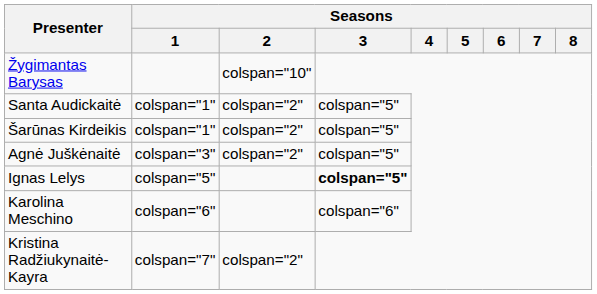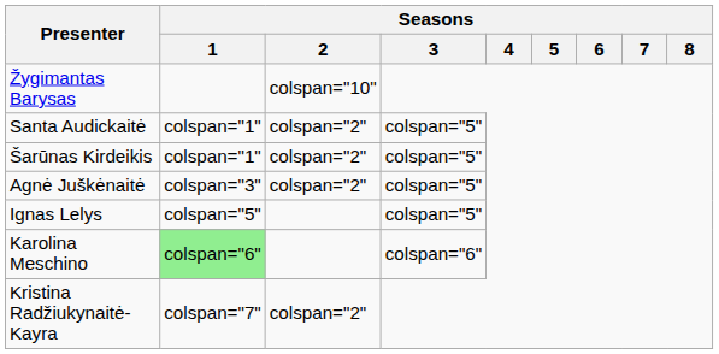 <table class="wikitable" width="70%">
 <tr>
 <th rowspan="2" width="135">Presenter</th>
 <th colspan="10">Seasons</th>
 </tr>
 <tr>
 <th width="40">1</th>
 <th width="40">2</th>
 <th width="40">3</th>
 <th width="40">4</th>
 <th width="40">5</th>
 <th width="40">6</th>
 <th width="40">7</th>
 <th width="40">8</th>
 </tr>
 <tr>
 <td><a href='#'>Žygimantas Barysas</a></td>
 <td></td>
 <td>colspan="10" </td>
 </tr>
 <tr>
 <td>Santa Audickaitė</td>
 <td>colspan="1" </td>
 <td>colspan="2" </td>
 <td>colspan="5" </td>
 </tr>
 <tr>
 <td>Šarūnas Kirdeikis</td>
 <td>colspan="1" </td>
 <td>colspan="2" </td>
 <td>colspan="5" </td>
 </tr>
 <tr>
 <td>Agnė Juškėnaitė</td>
 <td>colspan="3" </td>
 <td>colspan="2" </td>
 <td>colspan="5" </td>
 </tr>
 <tr>
 <td>Ignas Lelys</td>
 <td>colspan="5" </td>
 <td></td>
-<td><strong>colspan="5" </strong></td>
+<td>colspan="5" </td>
 </tr>
 <tr>
 <td>Karolina Meschino</td>
-<td>colspan="6" </td>
+<td style="background: lightgreen;">colspan="6" </td>
 <td></td>
 <td>colspan="6" </td>
 </tr>
 <tr>
 <td>Kristina Radžiukynaitė-Kayra</td>
 <td>colspan="7" </td>
 <td>colspan="2" </td>
 </tr>
 </table>
